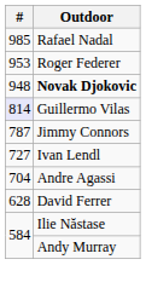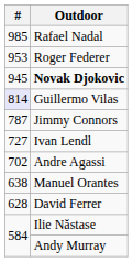 <table class="wikitable" style="display:inline-table;">
 <tr>
 <th width=20>#</th>
 <th>Outdoor</th>
 </tr>
 <tr>
 <td>985</td>
 <td> Rafael Nadal</td>
 </tr>
 <tr>
 <td>953</td>
 <td> Roger Federer</td>
 </tr>
 <tr>
-<td>948</td>
+<td>945</td>
 <td><strong> Novak Djokovic</strong></td>
 </tr>
 <tr>
 <td style="background: lavender;">814</td>
 <td> Guillermo Vilas</td>
 </tr>
 <tr>
 <td>787</td>
 <td> Jimmy Connors</td>
 </tr>
 <tr>
 <td>727</td>
 <td> Ivan Lendl</td>
 </tr>
 <tr>
-<td>704</td>
+<td>702</td>
 <td> Andre Agassi</td>
+</tr>
+<tr>
+<td>638</td>
+<td> Manuel Orantes</td>
 </tr>
 <tr>
 <td>628</td>
 <td> David Ferrer</td>
 </tr>
 <tr>
 <td rowspan=2>584</td>
 <td> Ilie Năstase</td>
 </tr>
 <tr>
 <td> Andy Murray</td>
 </tr>
 </table>
